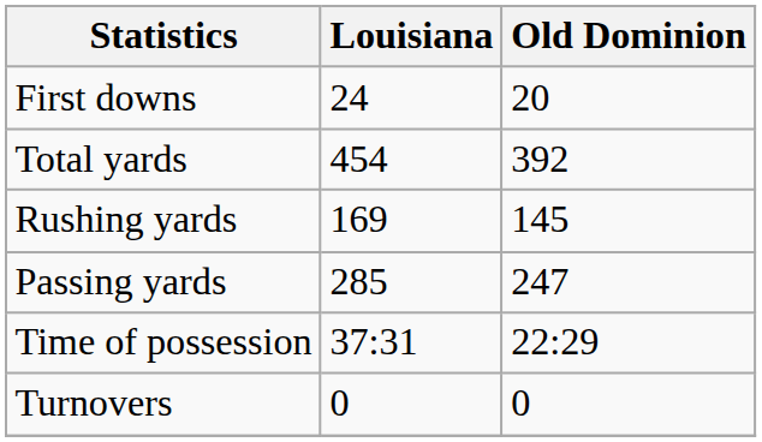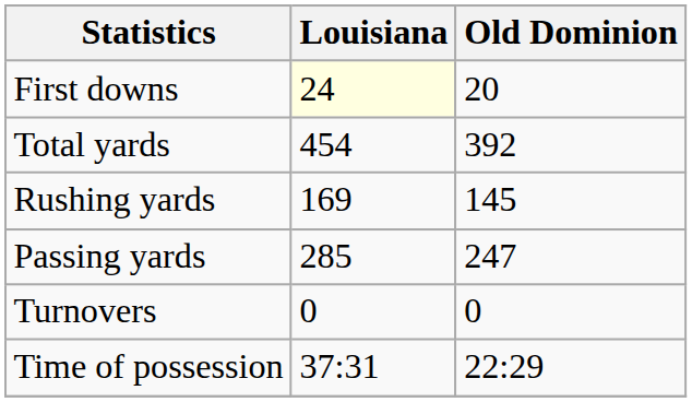 <table class="wikitable">
 <tr>
 <th>Statistics</th>
 <th>Louisiana</th>
 <th>Old Dominion</th>
 </tr>
 <tr>
 <td>First downs</td>
-<td>24</td>
+<td style="background: lightyellow;">24</td>
 <td>20</td>
 </tr>
 <tr>
 <td>Total yards</td>
 <td>454</td>
 <td>392</td>
 </tr>
 <tr>
 <td>Rushing yards</td>
 <td>169</td>
 <td>145</td>
 </tr>
 <tr>
 <td>Passing yards</td>
 <td>285</td>
 <td>247</td>
 </tr>
 <tr>
+<td>Turnovers</td>
+<td>0</td>
+<td>0</td>
+</tr>
+<tr>
 <td>Time of possession</td>
 <td>37:31</td>
 <td>22:29</td>
 </tr>
 <tr>
-<td>Turnovers</td>
-<td>0</td>
-<td>0</td>
-</tr>
-<tr>
 </tr>
 </table>
